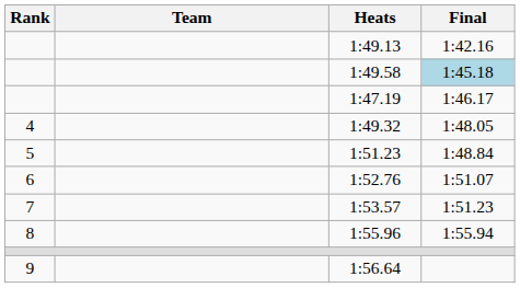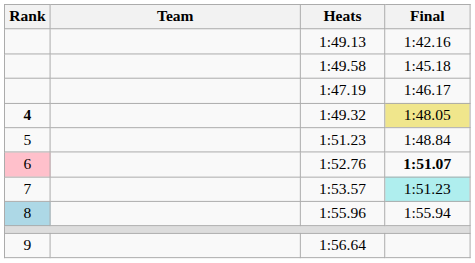 <table class=wikitable style="text-align:center">
 <tr>
 <th width=40>Rank</th>
 <th width=250>Team</th>
 <th width=80>Heats</th>
 <th width=80>Final</th>
 </tr>
 <tr>
 <td></td>
 <td align=left></td>
 <td>1:49.13</td>
 <td>1:42.16</td>
 </tr>
 <tr>
 <td></td>
 <td align=left></td>
 <td>1:49.58</td>
-<td style="background: lightblue;">1:45.18</td>
+<td>1:45.18</td>
 </tr>
 <tr>
 <td></td>
 <td align=left></td>
 <td>1:47.19</td>
 <td>1:46.17</td>
 </tr>
 <tr>
-<td>4</td>
+<td><strong>4</strong></td>
 <td align=left></td>
 <td>1:49.32</td>
-<td>1:48.05</td>
+<td style="background: khaki;">1:48.05</td>
 </tr>
 <tr>
 <td>5</td>
 <td align=left></td>
 <td>1:51.23</td>
 <td>1:48.84</td>
 </tr>
 <tr>
-<td>6</td>
+<td style="background: pink;">6</td>
 <td align=left></td>
 <td>1:52.76</td>
-<td>1:51.07</td>
+<td><strong>1:51.07</strong></td>
 </tr>
 <tr>
 <td>7</td>
 <td align=left></td>
 <td>1:53.57</td>
-<td>1:51.23</td>
+<td style="background: paleturquoise;">1:51.23</td>
 </tr>
 <tr>
-<td>8</td>
+<td style="background: lightblue;">8</td>
 <td align=left></td>
 <td>1:55.96</td>
 <td>1:55.94</td>
 </tr>
 <tr bgcolor=#DDDDDD>
 <td colspan=4></td>
 </tr>
 <tr>
 <td>9</td>
 <td align=left></td>
 <td>1:56.64</td>
 <td></td>
 </tr>
 </table>
